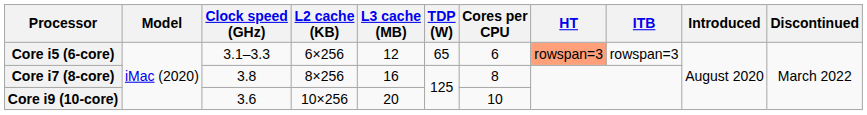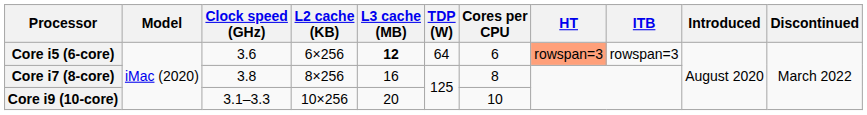 <table class="wikitable sortable" style="font-size:smaller; text-align:center">
 <tr>
 <th>Processor</th>
 <th>Model</th>
 <th><a href='#'>Clock speed</a><br>(GHz)</th>
 <th><a href='#'>L2 cache</a><br>(KB)</th>
 <th><a href='#'>L3 cache</a><br>(MB)</th>
 <th><a href='#'>TDP</a><br>(W)</th>
 <th>Cores per<br>CPU</th>
 <th><a href='#'>HT</a></th>
 <th><a href='#'>ITB</a></th>
 <th>Introduced</th>
 <th>Discontinued</th>
 </tr>
 <tr>
 <th>Core i5 (6-core)</th>
 <td rowspan=3><a href='#'>iMac</a> (2020)</td>
-<td>3.1–3.3</td>
+<td>3.6</td>
 <td>6×256</td>
-<td>12</td>
-<td>65</td>
+<td><strong>12</strong></td>
+<td>64</td>
 <td>6</td>
 <td style="background: lightsalmon;">rowspan=3 </td>
 <td>rowspan=3 </td>
 <td rowspan=3>August 2020</td>
 <td rowspan=3>March 2022</td>
 </tr>
 <tr>
 <th>Core i7 (8-core)</th>
 <td>3.8</td>
 <td>8×256</td>
 <td>16</td>
 <td rowspan=2>125</td>
 <td>8</td>
 </tr>
 <tr>
 <th>Core i9 (10-core)</th>
-<td>3.6</td>
+<td>3.1–3.3</td>
 <td>10×256</td>
 <td>20</td>
 <td>10</td>
 </tr>
 </table>
